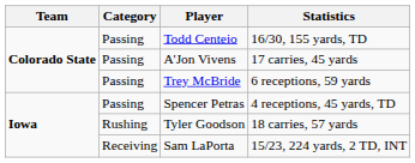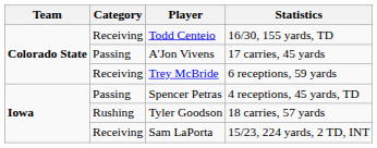 <table class="wikitable" style="float: left;">
 <tr>
 <th>Team</th>
 <th>Category</th>
 <th>Player</th>
 <th>Statistics</th>
 </tr>
 <tr>
 <td rowspan=3><strong>Colorado State</strong></td>
-<td>Passing</td>
+<td>Receiving</td>
 <td><a href='#'>Todd Centeio</a></td>
 <td>16/30, 155 yards, TD</td>
 </tr>
 <tr>
 <td>Passing</td>
 <td>A'Jon Vivens</td>
 <td>17 carries, 45 yards</td>
 </tr>
 <tr>
-<td>Passing</td>
+<td>Receiving</td>
 <td><a href='#'>Trey McBride</a></td>
 <td>6 receptions, 59 yards</td>
 </tr>
 <tr>
 <td rowspan=3><strong>Iowa</strong></td>
 <td>Passing</td>
 <td>Spencer Petras</td>
 <td>4 receptions, 45 yards, TD</td>
 </tr>
 <tr>
 <td>Rushing</td>
 <td>Tyler Goodson</td>
 <td>18 carries, 57 yards</td>
 </tr>
 <tr>
 <td>Receiving</td>
 <td>Sam LaPorta</td>
 <td>15/23, 224 yards, 2 TD, INT</td>
 </tr>
 </table>
